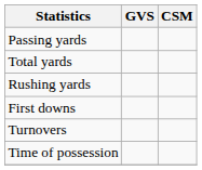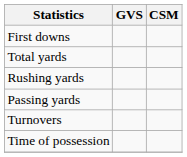 <table class="wikitable">
 <tr>
 <th>Statistics</th>
 <th>GVS</th>
 <th>CSM</th>
 </tr>
 <tr>
-<td>Passing yards</td>
+<td>First downs</td>
 <td></td>
 <td></td>
 </tr>
 <tr>
 <td>Total yards</td>
 <td></td>
 <td></td>
 </tr>
 <tr>
 <td>Rushing yards</td>
 <td></td>
 <td></td>
 </tr>
 <tr>
-<td>First downs</td>
+<td>Passing yards</td>
 <td></td>
 <td></td>
 </tr>
 <tr>
 <td>Turnovers</td>
 <td></td>
 <td></td>
 </tr>
 <tr>
 <td>Time of possession</td>
 <td></td>
 <td></td>
 </tr>
 <tr>
 </tr>
 </table>
